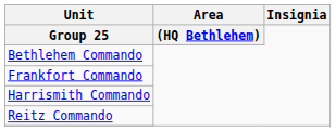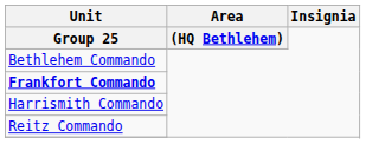 <table class="wikitable">
 <tr>
 <th>Unit</th>
 <th>Area</th>
 <th>Insignia</th>
 </tr>
 <tr>
 <th>Group 25</th>
 <th>(HQ <a href='#'>Bethlehem</a>)</th>
 </tr>
 <tr>
 <td><a href='#'>Bethlehem Commando</a></td>
 </tr>
 <tr>
-<td><a href='#'>Frankfort Commando</a></td>
+<td><strong><a href='#'>Frankfort Commando</a></strong></td>
 </tr>
 <tr>
 <td><a href='#'>Harrismith Commando</a></td>
 </tr>
 <tr>
 <td><a href='#'>Reitz Commando</a></td>
 </tr>
 <tr>
 </tr>
 </table>
